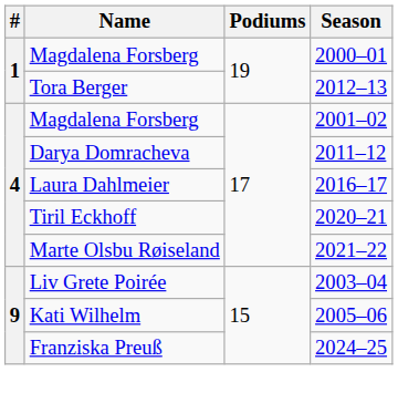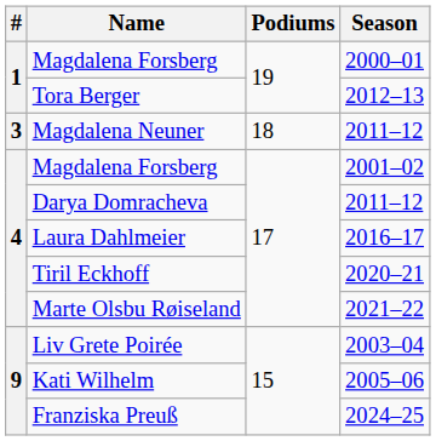 <table class="wikitable plainrowheaders" style="display:inline-table;">
 <tr>
 <th>#</th>
 <th>Name</th>
 <th>Podiums</th>
 <th>Season</th>
 </tr>
 <tr>
 <th rowspan=2>1</th>
 <td style="text-align:left"> <a href='#'>Magdalena Forsberg</a></td>
 <td rowspan=2>19</td>
 <td><a href='#'>2000–01</a></td>
 </tr>
 <tr>
 <td style="text-align:left"> <a href='#'>Tora Berger</a></td>
 <td><a href='#'>2012–13</a></td>
+</tr>
+<tr>
+<th>3</th>
+<td style="text-align:left"> <a href='#'>Magdalena Neuner</a></td>
+<td>18</td>
+<td><a href='#'>2011–12</a></td>
 </tr>
 <tr>
 <th rowspan=5>4</th>
 <td style="text-align:left"> <a href='#'>Magdalena Forsberg</a></td>
 <td rowspan=5>17</td>
 <td><a href='#'>2001–02</a></td>
 </tr>
 <tr>
 <td style="text-align:left"> <a href='#'>Darya Domracheva</a></td>
 <td><a href='#'>2011–12</a></td>
 </tr>
 <tr>
 <td style="text-align:left"> <a href='#'>Laura Dahlmeier</a></td>
 <td><a href='#'>2016–17</a></td>
 </tr>
 <tr>
 <td style="text-align:left"> <a href='#'>Tiril Eckhoff</a></td>
 <td><a href='#'>2020–21</a></td>
 </tr>
 <tr>
 <td style="text-align:left"> <a href='#'>Marte Olsbu Røiseland</a></td>
 <td><a href='#'>2021–22</a></td>
 </tr>
 <tr>
 <th rowspan=3>9</th>
 <td style="text-align:left"> <a href='#'>Liv Grete Poirée</a></td>
 <td rowspan=3>15</td>
 <td><a href='#'>2003–04</a></td>
 </tr>
 <tr>
 <td style="text-align:left"> <a href='#'>Kati Wilhelm</a></td>
 <td><a href='#'>2005–06</a></td>
 </tr>
 <tr>
 <td style="text-align:left"> <a href='#'>Franziska Preuß</a></td>
 <td><a href='#'>2024–25</a></td>
 </tr>
 </table>
